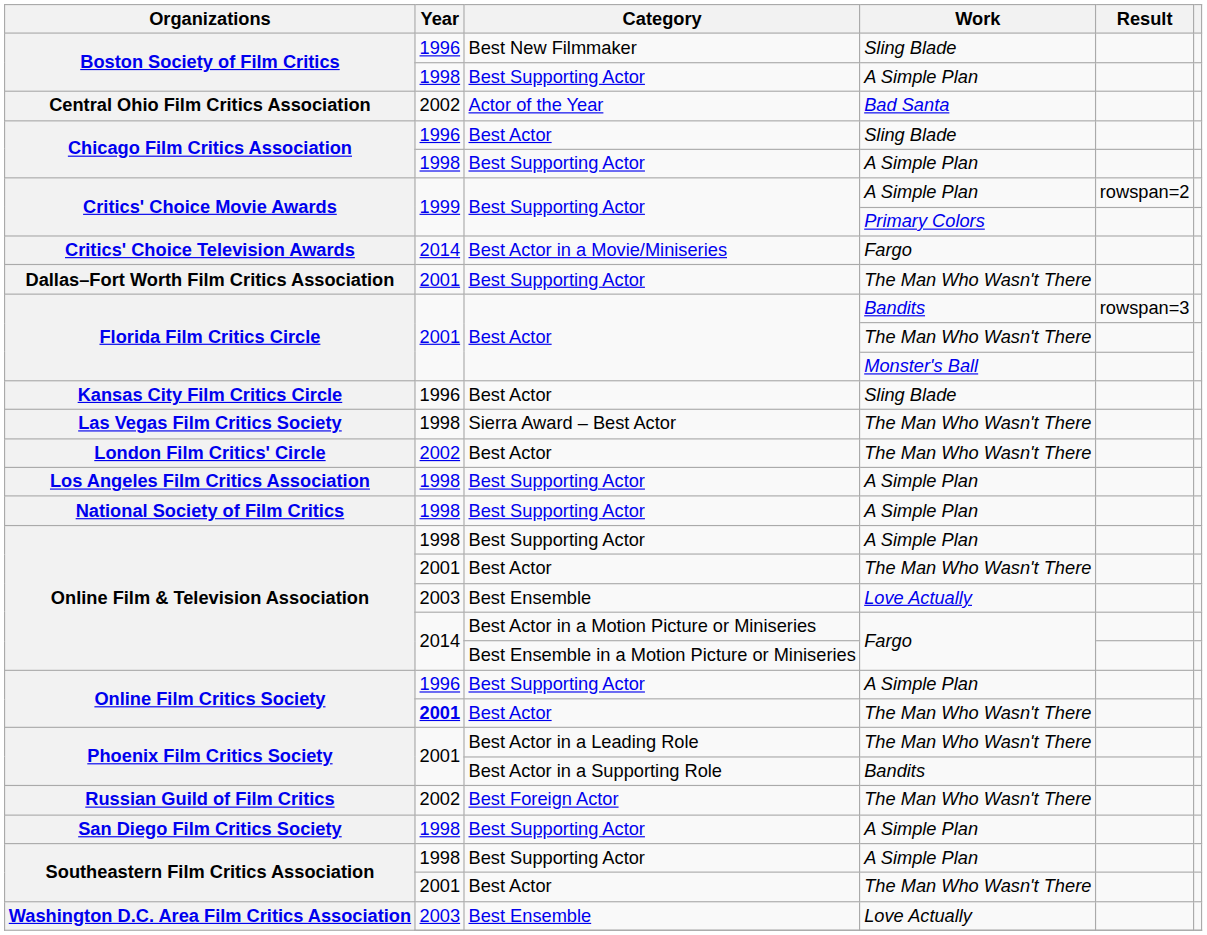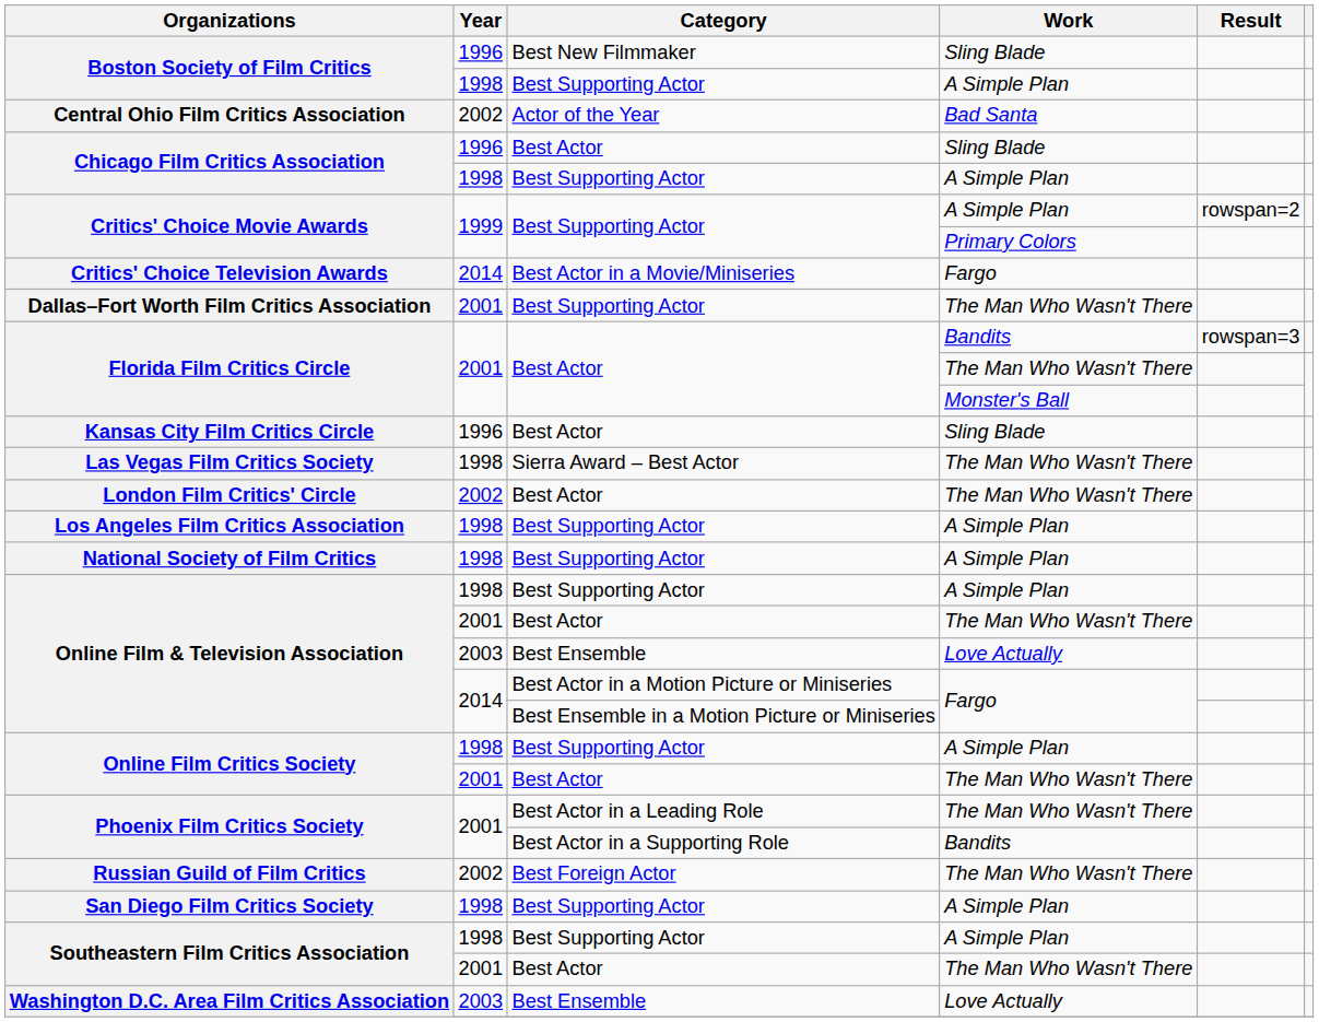 <table class= "wikitable plainrowheaders sortable">
 <tr>
 <th scope="col">Organizations</th>
 <th scope="col">Year</th>
 <th scope="col">Category</th>
 <th scope="col">Work</th>
 <th scope="col">Result</th>
 <th scope="col" class="unsortable"></th>
 </tr>
 <tr>
 <th scope="row" rowspan="2"><a href='#'>Boston Society of Film Critics</a></th>
 <td style="text-align:center;"><a href='#'>1996</a></td>
 <td>Best New Filmmaker</td>
 <td><em>Sling Blade</em></td>
 <td></td>
 <td></td>
 </tr>
 <tr>
 <td><a href='#'>1998</a></td>
 <td><a href='#'>Best Supporting Actor</a></td>
 <td><em>A Simple Plan</em></td>
 <td></td>
 <td></td>
 </tr>
 <tr>
 <th scope="row" rowspan="1">Central Ohio Film Critics Association</th>
 <td style="text-align:center;">2002</td>
 <td><a href='#'>Actor of the Year</a></td>
 <td><em><a href='#'>Bad Santa</a></em></td>
 <td></td>
 <td></td>
 </tr>
 <tr>
 <th scope="row" rowspan="2"><a href='#'>Chicago Film Critics Association</a></th>
 <td style="text-align:center;"><a href='#'>1996</a></td>
 <td><a href='#'>Best Actor</a></td>
 <td><em>Sling Blade</em></td>
 <td></td>
 <td></td>
 </tr>
 <tr>
 <td><a href='#'>1998</a></td>
 <td><a href='#'>Best Supporting Actor</a></td>
 <td><em>A Simple Plan</em></td>
 <td></td>
 <td></td>
 </tr>
 <tr>
 <th scope="row" rowspan="2"><a href='#'>Critics' Choice Movie Awards</a></th>
 <td style="text-align:center;", rowspan=2><a href='#'>1999</a></td>
 <td rowspan=2><a href='#'>Best Supporting Actor</a></td>
 <td><em>A Simple Plan</em></td>
 <td>rowspan=2 </td>
 <td></td>
 </tr>
 <tr>
 <td><em><a href='#'>Primary Colors</a></em></td>
 <td></td>
 </tr>
 <tr>
 <th scope="row" rowspan="1"><a href='#'>Critics' Choice Television Awards</a></th>
 <td style="text-align:center;"><a href='#'>2014</a></td>
 <td><a href='#'>Best Actor in a Movie/Miniseries</a></td>
 <td><em>Fargo</em></td>
 <td></td>
 <td></td>
 </tr>
 <tr>
 <th scope="row" rowspan="1">Dallas–Fort Worth Film Critics Association</th>
 <td style="text-align:center;"><a href='#'>2001</a></td>
 <td><a href='#'>Best Supporting Actor</a></td>
 <td><em>The Man Who Wasn't There</em></td>
 <td></td>
 <td></td>
 </tr>
 <tr>
 <th scope="row" rowspan="3"><a href='#'>Florida Film Critics Circle</a></th>
 <td style="text-align:center;", rowspan=3><a href='#'>2001</a></td>
 <td rowspan=3><a href='#'>Best Actor</a></td>
 <td><em><a href='#'>Bandits</a></em></td>
 <td>rowspan=3 </td>
 <td></td>
 </tr>
 <tr>
 <td><em>The Man Who Wasn't There</em></td>
 <td></td>
 </tr>
 <tr>
 <td><em><a href='#'>Monster's Ball</a></em></td>
 <td></td>
 </tr>
 <tr>
 <th scope="row" rowspan="1"><a href='#'>Kansas City Film Critics Circle</a></th>
 <td style="text-align:center;">1996</td>
 <td>Best Actor</td>
 <td><em>Sling Blade</em></td>
 <td></td>
 <td></td>
 </tr>
 <tr>
 <th scope="row" rowspan="1"><a href='#'>Las Vegas Film Critics Society</a></th>
 <td style="text-align:center;">1998</td>
 <td>Sierra Award – Best Actor</td>
 <td><em>The Man Who Wasn't There</em></td>
 <td></td>
 <td></td>
 </tr>
 <tr>
 <th scope="row" rowspan="1"><a href='#'>London Film Critics' Circle</a></th>
 <td style="text-align:center;"><a href='#'>2002</a></td>
 <td>Best Actor</td>
 <td><em>The Man Who Wasn't There</em></td>
 <td></td>
 <td></td>
 </tr>
 <tr>
 <th scope="row" rowspan="1"><a href='#'>Los Angeles Film Critics Association</a></th>
 <td style="text-align:center;"><a href='#'>1998</a></td>
 <td><a href='#'>Best Supporting Actor</a></td>
 <td><em>A Simple Plan</em></td>
 <td></td>
 <td></td>
 </tr>
 <tr>
 <th scope="row" rowspan="1"><a href='#'>National Society of Film Critics</a></th>
 <td style="text-align:center;"><a href='#'>1998</a></td>
 <td><a href='#'>Best Supporting Actor</a></td>
 <td><em>A Simple Plan</em></td>
 <td></td>
 <td></td>
 </tr>
 <tr>
 <th scope="row" rowspan="5">Online Film & Television Association</th>
 <td style="text-align:center;">1998</td>
 <td>Best Supporting Actor</td>
 <td><em>A Simple Plan</em></td>
 <td></td>
 <td></td>
 </tr>
 <tr>
 <td>2001</td>
 <td>Best Actor</td>
 <td><em>The Man Who Wasn't There</em></td>
 <td></td>
 <td></td>
 </tr>
 <tr>
 <td>2003</td>
 <td>Best Ensemble</td>
 <td><em><a href='#'>Love Actually</a></em></td>
 <td></td>
 </tr>
 <tr>
 <td rowspan=2>2014</td>
 <td>Best Actor in a Motion Picture or Miniseries</td>
 <td rowspan=2><em>Fargo</em></td>
 <td></td>
 <td></td>
 </tr>
 <tr>
 <td>Best Ensemble in a Motion Picture or Miniseries</td>
 <td></td>
 <td></td>
 </tr>
 <tr>
 <th scope="row" rowspan="2"><a href='#'>Online Film Critics Society</a></th>
-<td style="text-align:center;"><a href='#'>1996</a></td>
+<td style="text-align:center;"><a href='#'>1998</a></td>
 <td><a href='#'>Best Supporting Actor</a></td>
 <td><em>A Simple Plan</em></td>
 <td></td>
 </tr>
 <tr>
-<td><strong><a href='#'>2001</a></strong></td>
+<td><a href='#'>2001</a></td>
 <td><a href='#'>Best Actor</a></td>
 <td><em>The Man Who Wasn't There</em></td>
 <td></td>
 <td></td>
 </tr>
 <tr>
 <th scope="row" rowspan="2"><a href='#'>Phoenix Film Critics Society</a></th>
 <td style="text-align:center;", rowspan=2>2001</td>
 <td>Best Actor in a Leading Role</td>
 <td><em>The Man Who Wasn't There</em></td>
 <td></td>
 <td></td>
 </tr>
 <tr>
 <td>Best Actor in a Supporting Role</td>
 <td><em>Bandits</em></td>
 <td></td>
 <td></td>
 </tr>
 <tr>
 <th scope="row" rowspan="1"><a href='#'>Russian Guild of Film Critics</a></th>
 <td style="text-align:center;">2002</td>
 <td><a href='#'>Best Foreign Actor</a></td>
 <td><em>The Man Who Wasn't There</em></td>
 <td></td>
 <td></td>
 </tr>
 <tr>
 <th scope="row" rowspan="1"><a href='#'>San Diego Film Critics Society</a></th>
 <td style="text-align:center;"><a href='#'>1998</a></td>
 <td><a href='#'>Best Supporting Actor</a></td>
 <td><em>A Simple Plan</em></td>
 <td></td>
 <td></td>
 </tr>
 <tr>
 <th scope="row" rowspan="2">Southeastern Film Critics Association</th>
 <td style="text-align:center;">1998</td>
 <td>Best Supporting Actor</td>
 <td><em>A Simple Plan</em></td>
 <td></td>
 </tr>
 <tr>
 <td>2001</td>
 <td>Best Actor</td>
 <td><em>The Man Who Wasn't There</em></td>
 <td></td>
 <td></td>
 </tr>
 <tr>
 <th scope="row" rowspan="2"><a href='#'>Washington D.C. Area Film Critics Association</a></th>
 <td style="text-align:center;"><a href='#'>2003</a></td>
 <td><a href='#'>Best Ensemble</a></td>
 <td><em>Love Actually</em></td>
 <td></td>
 <td></td>
 </tr>
 <tr>
 </tr>
 </table>
